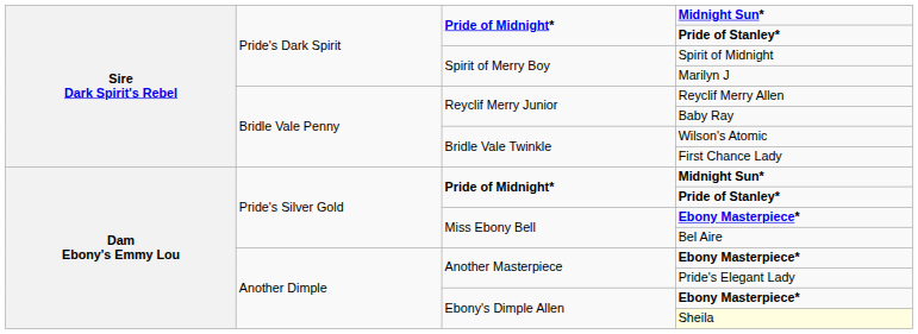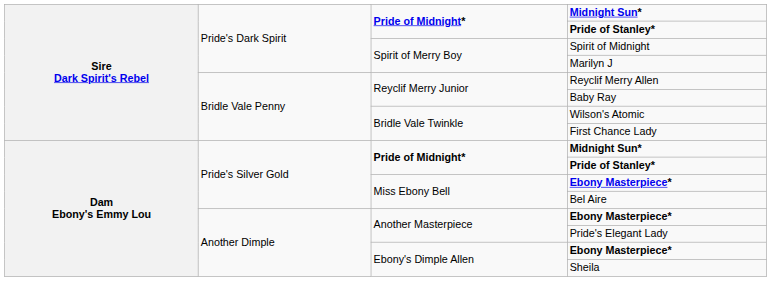 <table class="wikitable" style="clear:both; margin:0em auto; width:90%;">
 <tr>
 <th rowspan="8">Sire<br><a href='#'>Dark Spirit's Rebel</a></th>
 <td rowspan="4">Pride's Dark Spirit</td>
 <td rowspan="2"><strong><a href='#'>Pride of Midnight</a>*</strong></td>
 <td><strong><a href='#'>Midnight Sun</a>*</strong></td>
 </tr>
 <tr>
 <td><strong>Pride of Stanley*</strong></td>
 </tr>
 <tr>
 <td rowspan="2">Spirit of Merry Boy</td>
 <td>Spirit of Midnight</td>
 </tr>
 <tr>
 <td>Marilyn J</td>
 </tr>
 <tr>
 <td rowspan="4">Bridle Vale Penny</td>
 <td rowspan="2">Reyclif Merry Junior</td>
 <td>Reyclif Merry Allen</td>
 </tr>
 <tr>
 <td>Baby Ray</td>
 </tr>
 <tr>
 <td rowspan="2">Bridle Vale Twinkle</td>
 <td>Wilson's Atomic</td>
 </tr>
 <tr>
 <td>First Chance Lady</td>
 </tr>
 <tr>
 <th rowspan="8">Dam<br>Ebony's Emmy Lou</th>
 <td rowspan="4">Pride's Silver Gold</td>
 <td rowspan="2"><strong>Pride of Midnight*</strong></td>
 <td><strong>Midnight Sun*</strong></td>
 </tr>
 <tr>
 <td><strong>Pride of Stanley*</strong></td>
 </tr>
 <tr>
 <td rowspan="2">Miss Ebony Bell</td>
 <td><strong><a href='#'>Ebony Masterpiece</a>*</strong></td>
 </tr>
 <tr>
 <td>Bel Aire</td>
 </tr>
 <tr>
 <td rowspan="4">Another Dimple</td>
 <td rowspan="2">Another Masterpiece</td>
 <td><strong>Ebony Masterpiece*</strong></td>
 </tr>
 <tr>
 <td>Pride's Elegant Lady</td>
 </tr>
 <tr>
 <td rowspan="2">Ebony's Dimple Allen</td>
 <td><strong>Ebony Masterpiece*</strong></td>
 </tr>
 <tr>
-<td style="background: lightyellow;">Sheila</td>
+<td>Sheila</td>
 </tr>
 </table>
